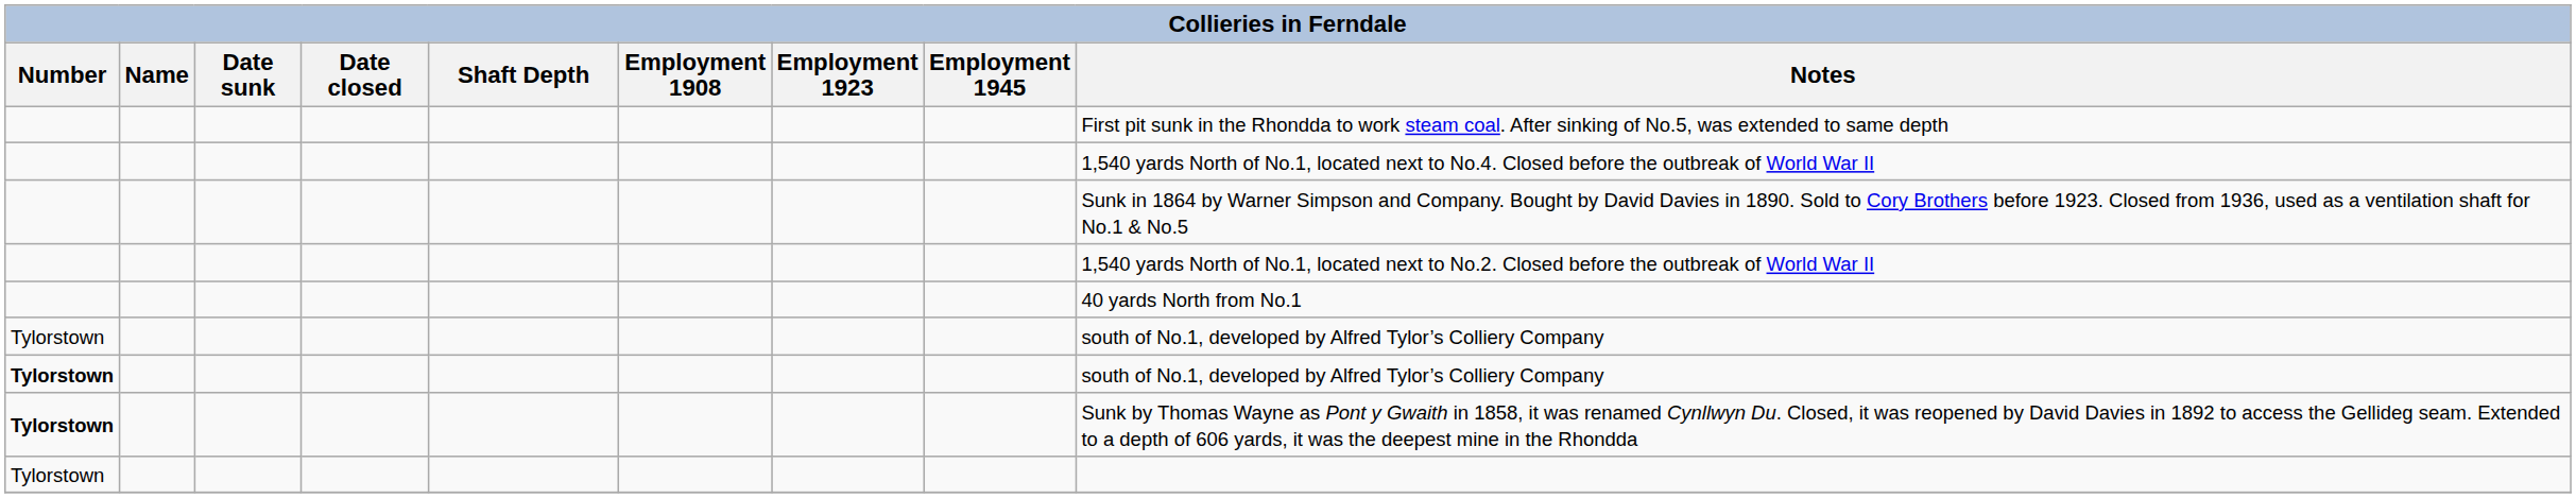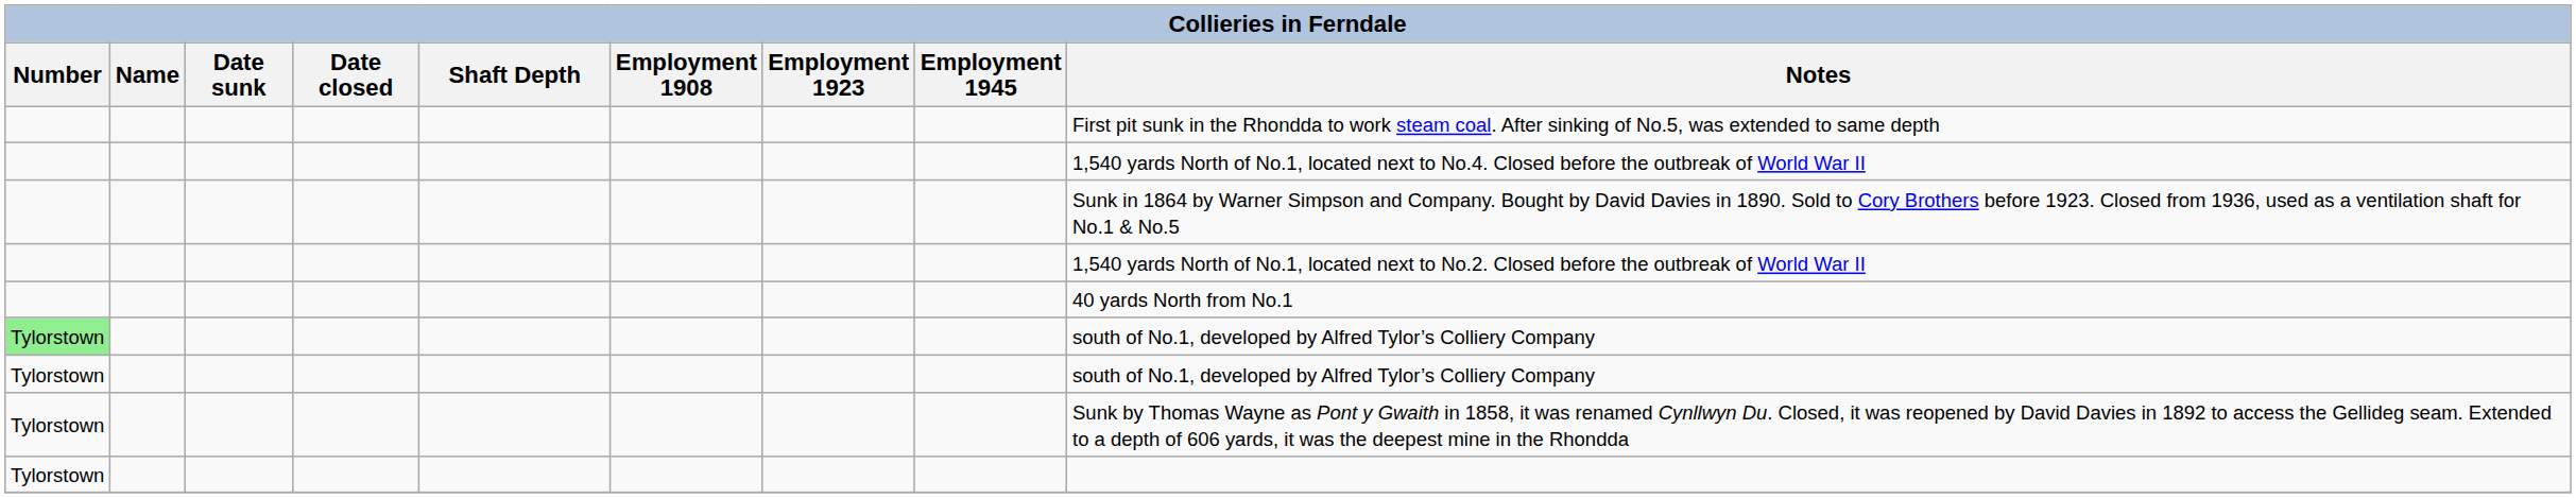 <table class="wikitable" style="font-size: 90%;">
 <tr>
 <th colspan="9" style="background: LightSteelBlue;">Collieries in Ferndale</th>
 </tr>
 <tr>
 <th>Number</th>
 <th>Name</th>
 <th>Date sunk</th>
 <th>Date closed</th>
 <th Width ="110">Shaft Depth</th>
 <th>Employment<br>1908</th>
 <th>Employment<br>1923</th>
 <th>Employment<br>1945</th>
 <th>Notes</th>
 </tr>
 <tr>
 <td></td>
 <td></td>
 <td></td>
 <td></td>
 <td></td>
 <td></td>
 <td></td>
 <td></td>
 <td><small>First pit sunk in the Rhondda to work <a href='#'>steam coal</a>. After sinking of No.5, was extended to same depth</small></td>
 </tr>
 <tr>
 <td></td>
 <td></td>
 <td></td>
 <td></td>
 <td></td>
 <td></td>
 <td></td>
 <td></td>
 <td><small>1,540 yards North of No.1, located next to No.4. Closed before the outbreak of <a href='#'>World War II</a></small></td>
 </tr>
 <tr>
 <td></td>
 <td></td>
 <td></td>
 <td></td>
 <td></td>
 <td></td>
 <td></td>
 <td></td>
 <td><small>Sunk in 1864 by Warner Simpson and Company. Bought by David Davies in 1890. Sold to <a href='#'>Cory Brothers</a> before 1923. Closed from 1936, used as a ventilation shaft for No.1 & No.5</small></td>
 </tr>
 <tr>
 <td></td>
 <td></td>
 <td></td>
 <td></td>
 <td></td>
 <td></td>
 <td></td>
 <td></td>
 <td><small>1,540 yards North of No.1, located next to No.2. Closed before the outbreak of <a href='#'>World War II</a></small></td>
 </tr>
 <tr>
 <td></td>
 <td></td>
 <td></td>
 <td></td>
 <td></td>
 <td></td>
 <td></td>
 <td></td>
 <td><small>40 yards North from No.1</small></td>
 </tr>
 <tr>
+<td style="background: lightgreen;"><small>Tylorstown</small></td>
+<td></td>
+<td></td>
+<td></td>
+<td></td>
+<td></td>
+<td></td>
+<td></td>
+<td><small> south of No.1, developed by Alfred Tylor’s Colliery Company</small></td>
+</tr>
+<tr>
 <td><small>Tylorstown</small></td>
 <td></td>
 <td></td>
 <td></td>
 <td></td>
 <td></td>
 <td></td>
 <td></td>
 <td><small> south of No.1, developed by Alfred Tylor’s Colliery Company</small></td>
 </tr>
 <tr>
-<td><strong><small>Tylorstown</small></strong></td>
-<td></td>
-<td></td>
-<td></td>
-<td></td>
-<td></td>
-<td></td>
-<td></td>
-<td><small> south of No.1, developed by Alfred Tylor’s Colliery Company</small></td>
-</tr>
-<tr>
-<td><strong><small>Tylorstown</small></strong></td>
+<td><small>Tylorstown</small></td>
 <td></td>
 <td></td>
 <td></td>
 <td></td>
 <td></td>
 <td></td>
 <td></td>
 <td><small>Sunk by Thomas Wayne as <em>Pont y Gwaith</em> in 1858, it was renamed <em>Cynllwyn Du</em>. Closed, it was reopened by David Davies in 1892 to access the Gellideg seam. Extended to a depth of 606 yards, it was the deepest mine in the Rhondda</small></td>
 </tr>
 <tr>
 <td><small>Tylorstown</small></td>
 <td></td>
 <td></td>
 <td></td>
 <td></td>
 <td></td>
 <td></td>
 <td></td>
 <td></td>
 </tr>
 <tr>
 </tr>
 </table>
